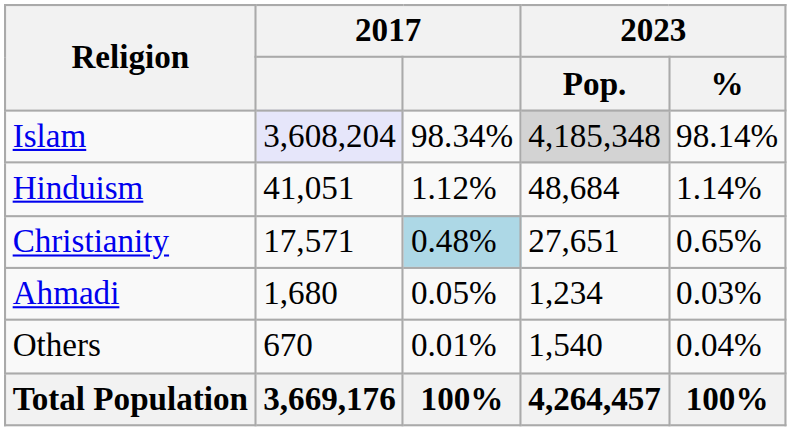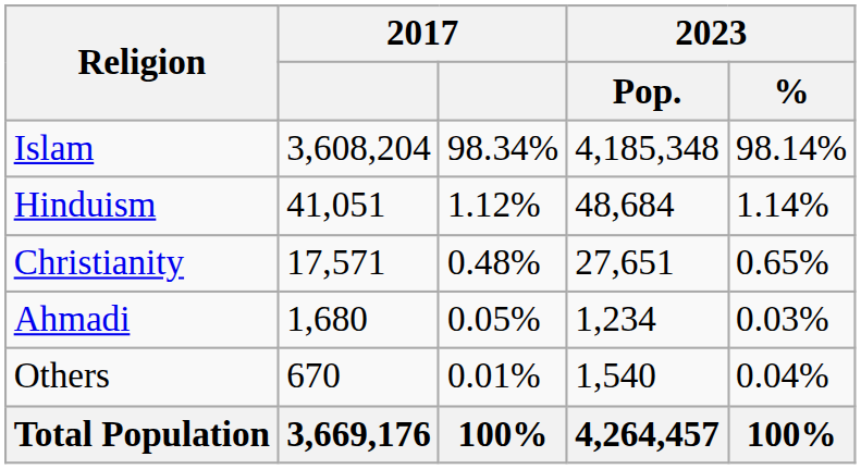 <table class="wikitable sortable">
 <tr>
 <th rowspan="2">Religion</th>
 <th colspan="2">2017</th>
 <th colspan="2">2023</th>
 </tr>
 <tr>
 <th></th>
 <th></th>
 <th>Pop.</th>
 <th>%</th>
 </tr>
 <tr>
 <td><a href='#'>Islam</a> </td>
-<td style="background: lavender;">3,608,204</td>
+<td>3,608,204</td>
 <td>98.34%</td>
-<td style="background: lightgrey;">4,185,348</td>
+<td>4,185,348</td>
 <td>98.14%</td>
 </tr>
 <tr>
 <td><a href='#'>Hinduism</a> </td>
 <td>41,051</td>
 <td>1.12%</td>
 <td>48,684</td>
 <td>1.14%</td>
 </tr>
 <tr>
 <td><a href='#'>Christianity</a> </td>
 <td>17,571</td>
-<td style="background: lightblue;">0.48%</td>
+<td>0.48%</td>
 <td>27,651</td>
 <td>0.65%</td>
 </tr>
 <tr>
 <td><a href='#'>Ahmadi</a></td>
 <td>1,680</td>
 <td>0.05%</td>
 <td>1,234</td>
 <td>0.03%</td>
 </tr>
 <tr>
 <td>Others</td>
 <td>670</td>
 <td>0.01%</td>
 <td>1,540</td>
 <td>0.04%</td>
 </tr>
 <tr>
 <th>Total Population</th>
 <th>3,669,176</th>
 <th>100%</th>
 <th>4,264,457</th>
 <th>100%</th>
 </tr>
 </table>
